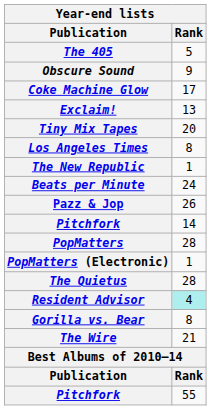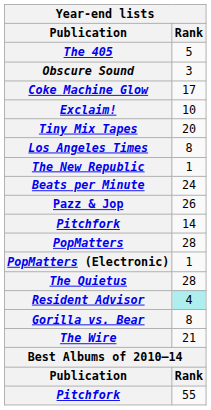 <table class="sortable plainrowheaders wikitable">
 <tr>
 <th colspan=2>Year-end lists</th>
 </tr>
 <tr>
 <th>Publication</th>
 <th>Rank</th>
 </tr>
 <tr>
 <th scope="row"><em><a href='#'>The 405</a></em></th>
 <td align=center>5</td>
 </tr>
 <tr>
 <th scope="row"><em>Obscure Sound</em></th>
-<td align=center>9</td>
+<td align=center>3</td>
 </tr>
 <tr>
 <th scope="row"><em><a href='#'>Coke Machine Glow</a></em></th>
 <td align=center>17</td>
 </tr>
 <tr>
 <th scope="row"><em><a href='#'>Exclaim!</a></em></th>
-<td align=center>13</td>
+<td align=center>10</td>
 </tr>
 <tr>
 <th scope="row"><em><a href='#'>Tiny Mix Tapes</a></em></th>
 <td align=center>20</td>
 </tr>
 <tr>
 <th scope="row"><em><a href='#'>Los Angeles Times</a></em></th>
 <td align=center>8</td>
 </tr>
 <tr>
 <th scope="row"><em><a href='#'>The New Republic</a></em></th>
 <td align=center>1</td>
 </tr>
 <tr>
 <th scope="row"><em><a href='#'>Beats per Minute</a></em></th>
 <td align=center>24</td>
 </tr>
 <tr>
 <th scope="row"><a href='#'>Pazz & Jop</a></th>
 <td align=center>26</td>
 </tr>
 <tr>
 <th scope="row"><em><a href='#'>Pitchfork</a></em></th>
 <td align=center>14</td>
 </tr>
 <tr>
 <th scope="row"><em><a href='#'>PopMatters</a></em></th>
 <td align=center>28</td>
 </tr>
 <tr>
 <th scope="row"><em><a href='#'>PopMatters</a></em> (Electronic)</th>
 <td align=center>1</td>
 </tr>
 <tr>
 <th scope="row"><em><a href='#'>The Quietus</a></em></th>
 <td align=center>28</td>
 </tr>
 <tr>
 <th scope="row"><em><a href='#'>Resident Advisor</a></em></th>
 <td align=center style="background: paleturquoise;">4</td>
 </tr>
 <tr>
 <th scope="row"><em><a href='#'>Gorilla vs. Bear</a></em></th>
 <td align=center>8</td>
 </tr>
 <tr>
 <th scope="row"><em><a href='#'>The Wire</a></em></th>
 <td align=center>21</td>
 </tr>
 <tr>
 <th colspan=2>Best Albums of 2010–14</th>
 </tr>
 <tr>
 <th>Publication</th>
 <th>Rank</th>
 </tr>
 <tr>
 <th scope="row"><em><a href='#'>Pitchfork</a></em></th>
 <td align=center>55</td>
 </tr>
 </table>
